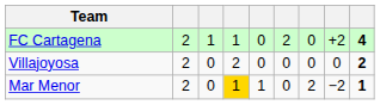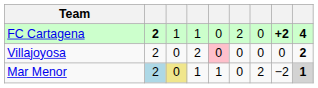 <table class="wikitable" style="text-align:center">
 <tr>
 <th style="width:175px;">Team</th>
 <th width="20"></th>
 <th width="20"></th>
 <th width="20"></th>
 <th width="20"></th>
 <th width="20"></th>
 <th width="20"></th>
 <th width="20"></th>
 <th width="20"></th>
 </tr>
 <tr style="background:#cfc;">
 <td align=left> <a href='#'>FC Cartagena</a></td>
-<td>2</td>
+<td><strong>2</strong></td>
 <td>1</td>
 <td>1</td>
 <td>0</td>
 <td>2</td>
 <td>0</td>
-<td>+2</td>
+<td><strong>+2</strong></td>
 <td><strong>4</strong></td>
 </tr>
 <tr>
 <td align=left> <a href='#'>Villajoyosa</a></td>
 <td>2</td>
 <td>0</td>
 <td>2</td>
-<td>0</td>
+<td style="background: pink;">0</td>
 <td>0</td>
 <td>0</td>
 <td>0</td>
 <td><strong>2</strong></td>
 </tr>
 <tr>
 <td align=left> <a href='#'>Mar Menor</a></td>
-<td>2</td>
-<td>0</td>
-<td style="background: gold;">1</td>
+<td style="background: lightblue;">2</td>
+<td style="background: khaki;">0</td>
+<td>1</td>
 <td>1</td>
 <td>0</td>
 <td>2</td>
 <td>−2</td>
-<td><strong>1</strong></td>
+<td style="background: lightgrey;"><strong>1</strong></td>
 </tr>
 </table>
